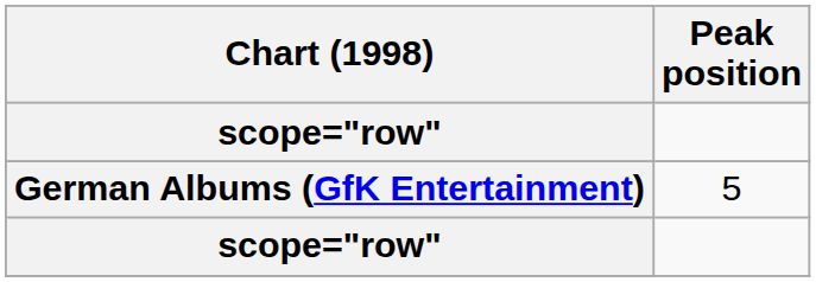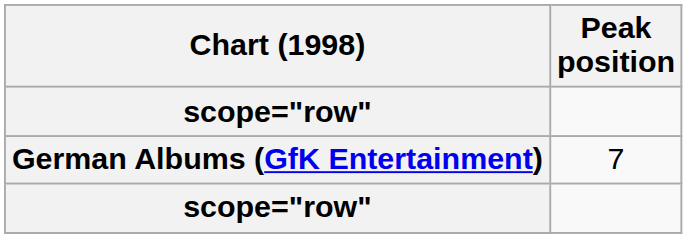 <table class="wikitable sortable plainrowheaders">
 <tr>
 <th>Chart (1998)</th>
 <th>Peak<br>position</th>
 </tr>
 <tr>
 <th>scope="row" </th>
 </tr>
 <tr>
 <th scope="row">German Albums (<a href='#'>GfK Entertainment</a>)</th>
-<td style="text-align:center">5</td>
+<td style="text-align:center">7</td>
 </tr>
 <tr>
 <th>scope="row" </th>
 </tr>
 <tr>
 </tr>
 </table>
